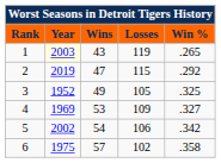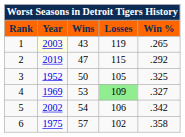 <table class="wikitable" style="text-align:center">
 <tr>
 <th colspan=7 style="background:#0C2C56;color:#FFFFFF">Worst Seasons in Detroit Tigers History</th>
 </tr>
 <tr>
 <th style="background:#FF6600;color:#0C2C56">Rank</th>
 <th style="background:#FF6600;color:#0C2C56">Year</th>
 <th style="background:#FF6600;color:#0C2C56">Wins</th>
 <th style="background:#FF6600;color:#0C2C56">Losses</th>
 <th style="background:#FF6600;color:#0C2C56">Win %</th>
 </tr>
 <tr>
 <td>1</td>
 <td style="background: lightyellow;"><a href='#'>2003</a></td>
 <td>43</td>
 <td>119</td>
 <td>.265</td>
 </tr>
 <tr>
 <td>2</td>
 <td><a href='#'>2019</a></td>
 <td>47</td>
 <td>115</td>
 <td>.292</td>
 </tr>
 <tr>
 <td>3</td>
 <td><a href='#'>1952</a></td>
-<td>49</td>
+<td>50</td>
 <td>105</td>
 <td>.325</td>
 </tr>
 <tr>
 <td>4</td>
 <td><a href='#'>1969</a></td>
 <td>53</td>
-<td>109</td>
+<td style="background: lightgreen;">109</td>
 <td>.327</td>
 </tr>
 <tr>
 <td>5</td>
 <td><a href='#'>2002</a></td>
 <td>54</td>
 <td>106</td>
 <td>.342</td>
 </tr>
 <tr>
 <td>6</td>
 <td><a href='#'>1975</a></td>
 <td>57</td>
 <td>102</td>
 <td>.358</td>
 </tr>
 </table>
